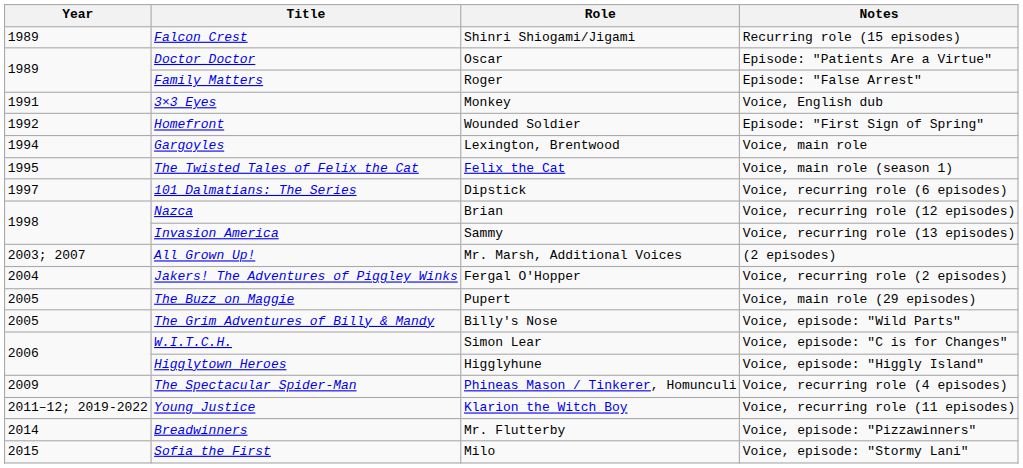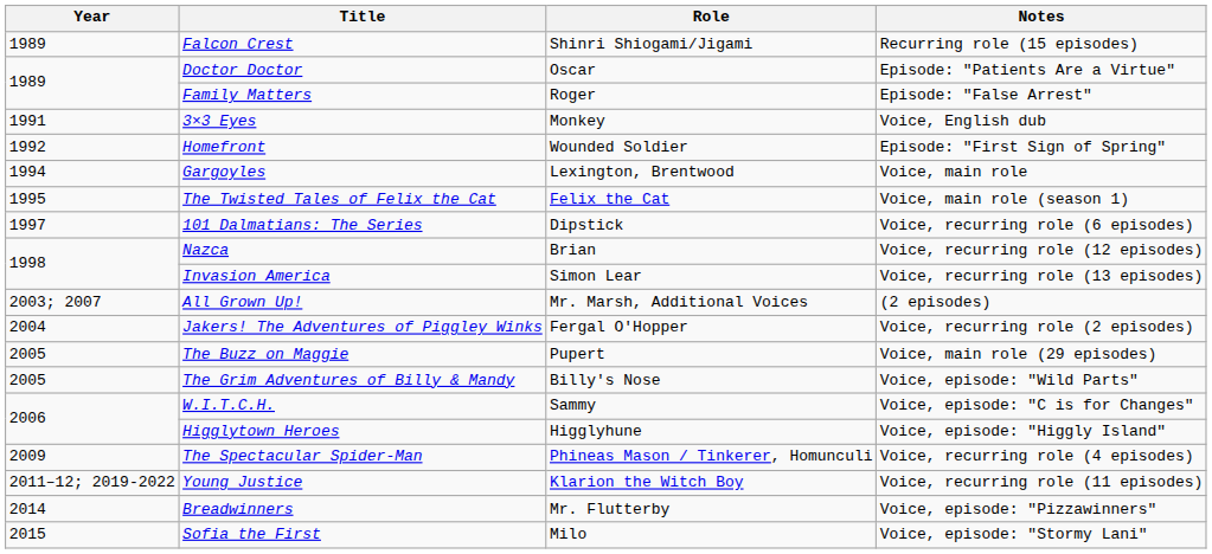 <table class="wikitable" style="font-size: 90%;">
 <tr>
 <th>Year</th>
 <th>Title</th>
 <th>Role</th>
 <th>Notes</th>
 </tr>
 <tr>
 <td>1989</td>
 <td><em><a href='#'>Falcon Crest</a></em></td>
 <td>Shinri Shiogami/Jigami</td>
 <td>Recurring role (15 episodes)</td>
 </tr>
 <tr>
 <td rowspan="2">1989</td>
 <td><em><a href='#'>Doctor Doctor</a></em></td>
 <td>Oscar</td>
 <td>Episode: "Patients Are a Virtue"</td>
 </tr>
 <tr>
 <td><em><a href='#'>Family Matters</a></em></td>
 <td>Roger</td>
 <td>Episode: "False Arrest"</td>
 </tr>
 <tr>
 <td>1991</td>
 <td><em><a href='#'>3×3 Eyes</a></em></td>
 <td>Monkey</td>
 <td>Voice, English dub</td>
 </tr>
 <tr>
 <td>1992</td>
 <td><em><a href='#'>Homefront</a></em></td>
 <td>Wounded Soldier</td>
 <td>Episode: "First Sign of Spring"</td>
 </tr>
 <tr>
 <td>1994</td>
 <td><em><a href='#'>Gargoyles</a></em></td>
 <td>Lexington, Brentwood</td>
 <td>Voice, main role</td>
 </tr>
 <tr>
 <td>1995</td>
 <td><em><a href='#'>The Twisted Tales of Felix the Cat</a></em></td>
 <td><a href='#'>Felix the Cat</a></td>
 <td>Voice, main role (season 1)</td>
 </tr>
 <tr>
 <td>1997</td>
 <td><em><a href='#'>101 Dalmatians: The Series</a></em></td>
 <td>Dipstick</td>
 <td>Voice, recurring role (6 episodes)</td>
 </tr>
 <tr>
 <td rowspan="2">1998</td>
 <td><em><a href='#'>Nazca</a></em></td>
 <td>Brian</td>
 <td>Voice, recurring role (12 episodes)</td>
 </tr>
 <tr>
 <td><em><a href='#'>Invasion America</a></em></td>
-<td>Sammy</td>
+<td>Simon Lear</td>
 <td>Voice, recurring role (13 episodes)</td>
 </tr>
 <tr>
 <td>2003; 2007</td>
 <td><em><a href='#'>All Grown Up!</a></em></td>
 <td>Mr. Marsh, Additional Voices</td>
 <td>(2 episodes)</td>
 </tr>
 <tr>
 <td>2004</td>
 <td><em><a href='#'>Jakers! The Adventures of Piggley Winks</a> </em></td>
 <td>Fergal O'Hopper</td>
 <td>Voice, recurring role (2 episodes)</td>
 </tr>
 <tr>
 <td>2005</td>
 <td><em><a href='#'>The Buzz on Maggie</a></em></td>
 <td>Pupert</td>
 <td>Voice, main role (29 episodes)</td>
 </tr>
 <tr>
 <td>2005</td>
 <td><em><a href='#'>The Grim Adventures of Billy & Mandy</a></em></td>
 <td>Billy's Nose</td>
 <td>Voice, episode: "Wild Parts"</td>
 </tr>
 <tr>
 <td rowspan="2">2006</td>
 <td><em><a href='#'>W.I.T.C.H.</a></em></td>
-<td>Simon Lear</td>
+<td>Sammy</td>
 <td>Voice, episode: "C is for Changes"</td>
 </tr>
 <tr>
 <td><em><a href='#'>Higglytown Heroes</a></em></td>
 <td>Higglyhune</td>
 <td>Voice, episode: "Higgly Island"</td>
 </tr>
 <tr>
 <td>2009</td>
 <td><em><a href='#'>The Spectacular Spider-Man</a></em></td>
 <td><a href='#'>Phineas Mason / Tinkerer</a>, Homunculi</td>
 <td>Voice, recurring role (4 episodes)</td>
 </tr>
 <tr>
 <td>2011–12; 2019-2022</td>
 <td><em> <a href='#'>Young Justice</a> </em></td>
 <td><a href='#'>Klarion the Witch Boy</a></td>
 <td>Voice, recurring role (11 episodes)</td>
 </tr>
 <tr>
 <td>2014</td>
 <td><em><a href='#'>Breadwinners</a></em></td>
 <td>Mr. Flutterby</td>
 <td>Voice, episode: "Pizzawinners"</td>
 </tr>
 <tr>
 <td>2015</td>
 <td><em><a href='#'>Sofia the First</a></em></td>
 <td>Milo</td>
 <td>Voice, episode: "Stormy Lani"</td>
 </tr>
 </table>
